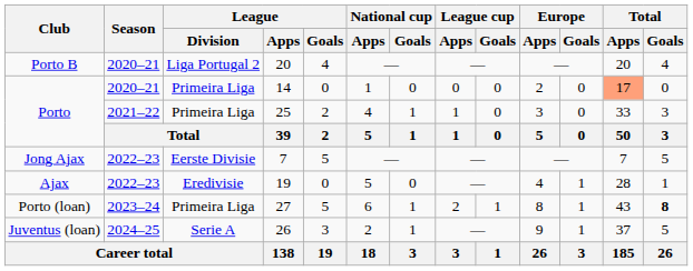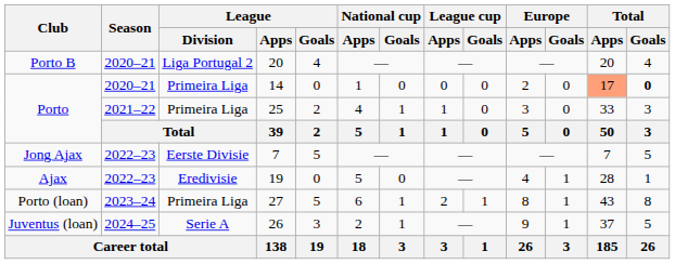 <table class="wikitable" style="text-align:center">
 <tr>
 <th rowspan="2">Club</th>
 <th rowspan="2">Season</th>
 <th colspan="3">League</th>
 <th colspan="2">National cup</th>
 <th colspan="2">League cup</th>
 <th colspan="2">Europe</th>
 <th colspan="2">Total</th>
 </tr>
 <tr>
 <th>Division</th>
 <th>Apps</th>
 <th>Goals</th>
 <th>Apps</th>
 <th>Goals</th>
 <th>Apps</th>
 <th>Goals</th>
 <th>Apps</th>
 <th>Goals</th>
 <th>Apps</th>
 <th>Goals</th>
 </tr>
 <tr>
 <td><a href='#'>Porto B</a></td>
 <td><a href='#'>2020–21</a></td>
 <td><a href='#'>Liga Portugal 2</a></td>
 <td>20</td>
 <td>4</td>
 <td colspan="2">—</td>
 <td colspan="2">—</td>
 <td colspan="2">—</td>
 <td>20</td>
 <td>4</td>
 </tr>
 <tr>
 <td rowspan="3"><a href='#'>Porto</a></td>
 <td><a href='#'>2020–21</a></td>
 <td><a href='#'>Primeira Liga</a></td>
 <td>14</td>
 <td>0</td>
 <td>1</td>
 <td>0</td>
 <td>0</td>
 <td>0</td>
 <td>2</td>
 <td>0</td>
 <td style="background: lightsalmon;">17</td>
-<td>0</td>
+<td><strong>0</strong></td>
 </tr>
 <tr>
 <td><a href='#'>2021–22</a></td>
 <td>Primeira Liga</td>
 <td>25</td>
 <td>2</td>
 <td>4</td>
 <td>1</td>
 <td>1</td>
 <td>0</td>
 <td>3</td>
 <td>0</td>
 <td>33</td>
 <td>3</td>
 </tr>
 <tr>
 <th colspan="2">Total</th>
 <th>39</th>
 <th>2</th>
 <th>5</th>
 <th>1</th>
 <th>1</th>
 <th>0</th>
 <th>5</th>
 <th>0</th>
 <th>50</th>
 <th>3</th>
 </tr>
 <tr>
 <td><a href='#'>Jong Ajax</a></td>
 <td><a href='#'>2022–23</a></td>
 <td><a href='#'>Eerste Divisie</a></td>
 <td>7</td>
 <td>5</td>
 <td colspan="2">—</td>
 <td colspan="2">—</td>
 <td colspan="2">—</td>
 <td>7</td>
 <td>5</td>
 </tr>
 <tr>
 <td><a href='#'>Ajax</a></td>
 <td><a href='#'>2022–23</a></td>
 <td><a href='#'>Eredivisie</a></td>
 <td>19</td>
 <td>0</td>
 <td>5</td>
 <td>0</td>
 <td colspan="2">—</td>
 <td>4</td>
 <td>1</td>
 <td>28</td>
 <td>1</td>
 </tr>
 <tr>
 <td>Porto (loan)</td>
 <td><a href='#'>2023–24</a></td>
 <td>Primeira Liga</td>
 <td>27</td>
 <td>5</td>
 <td>6</td>
 <td>1</td>
 <td>2</td>
 <td>1</td>
 <td>8</td>
 <td>1</td>
 <td>43</td>
-<td><strong>8</strong></td>
+<td>8</td>
 </tr>
 <tr>
 <td><a href='#'>Juventus</a> (loan)</td>
 <td><a href='#'>2024–25</a></td>
 <td><a href='#'>Serie A</a></td>
 <td>26</td>
 <td>3</td>
 <td>2</td>
 <td>1</td>
 <td colspan="2">—</td>
 <td>9</td>
 <td>1</td>
 <td>37</td>
 <td>5</td>
 </tr>
 <tr>
 <th colspan="3">Career total</th>
 <th>138</th>
 <th>19</th>
 <th>18</th>
 <th>3</th>
 <th>3</th>
 <th>1</th>
 <th>26</th>
 <th>3</th>
 <th>185</th>
 <th>26</th>
 </tr>
 </table>
